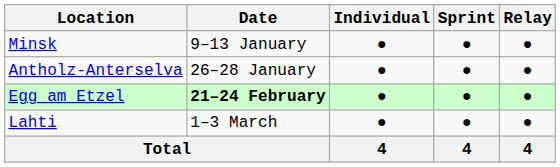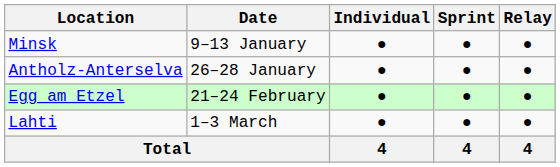 <table class="wikitable" border="1">
 <tr>
 <th>Location</th>
 <th>Date</th>
 <th>Individual</th>
 <th>Sprint</th>
 <th>Relay</th>
 </tr>
 <tr align=center>
 <td align=left> <a href='#'>Minsk</a></td>
 <td align=left>9–13 January</td>
 <td>●</td>
 <td>●</td>
 <td>●</td>
 </tr>
 <tr align=center>
 <td align=left> <a href='#'>Antholz-Anterselva</a></td>
 <td align=left>26–28 January</td>
 <td>●</td>
 <td>●</td>
 <td>●</td>
 </tr>
 <tr align=center style="background:#ccffcc">
 <td align=left> <a href='#'>Egg am Etzel</a></td>
-<td align=left><strong>21–24 February</strong></td>
+<td align=left>21–24 February</td>
 <td>●</td>
 <td>●</td>
 <td>●</td>
 </tr>
 <tr align=center>
 <td align=left> <a href='#'>Lahti</a></td>
 <td align=left>1–3 March</td>
 <td>●</td>
 <td>●</td>
 <td>●</td>
 </tr>
 <tr align=center>
 <th colspan="2">Total</th>
 <th>4</th>
 <th>4</th>
 <th>4</th>
 </tr>
 </table>
